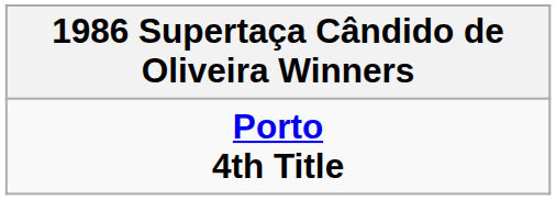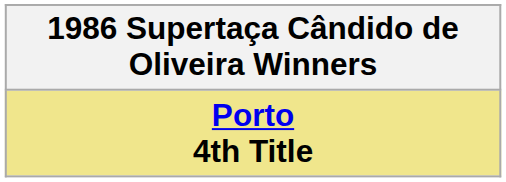 <table class="wikitable" style="text-align: center; margin: 0 auto; width: 20%">
 <tr>
 <th>1986 Supertaça Cândido de Oliveira Winners</th>
 </tr>
 <tr>
-<td><strong><a href='#'>Porto</a></strong><br><strong>4th Title</strong></td>
+<td style="background: khaki;"><strong><a href='#'>Porto</a></strong><br><strong>4th Title</strong></td>
 </tr>
 </table>
